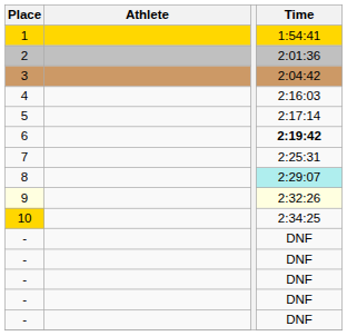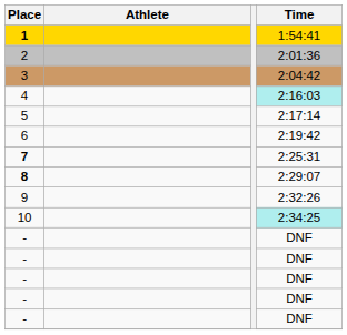 <table class="wikitable" style="text-align:center">
 <tr>
 <th>Place</th>
 <th width=250>Athlete</th>
 <th rowspan=27></th>
 <th width=100>Time</th>
 </tr>
 <tr bgcolor=gold>
-<td>1</td>
+<td><strong>1</strong></td>
 <td align=left></td>
 <td>1:54:41</td>
 </tr>
 <tr bgcolor=silver>
 <td>2</td>
 <td align=left></td>
 <td>2:01:36</td>
 </tr>
 <tr bgcolor=cc9966>
 <td>3</td>
 <td align=left></td>
 <td>2:04:42</td>
 </tr>
 <tr>
 <td>4</td>
 <td align=left></td>
-<td>2:16:03</td>
+<td style="background: paleturquoise;">2:16:03</td>
 </tr>
 <tr>
 <td>5</td>
 <td align=left></td>
 <td>2:17:14</td>
 </tr>
 <tr>
 <td>6</td>
 <td align=left></td>
-<td><strong>2:19:42</strong></td>
+<td>2:19:42</td>
 </tr>
 <tr>
-<td>7</td>
+<td><strong>7</strong></td>
 <td align=left></td>
 <td>2:25:31</td>
 </tr>
 <tr>
-<td>8</td>
+<td><strong>8</strong></td>
 <td align=left></td>
-<td style="background: paleturquoise;">2:29:07</td>
+<td>2:29:07</td>
 </tr>
 <tr>
-<td style="background: lightyellow;">9</td>
+<td>9</td>
 <td align=left></td>
-<td style="background: lightyellow;">2:32:26</td>
+<td>2:32:26</td>
 </tr>
 <tr>
-<td style="background: gold;">10</td>
+<td>10</td>
 <td align=left></td>
-<td>2:34:25</td>
+<td style="background: paleturquoise;">2:34:25</td>
 </tr>
 <tr>
 <td>-</td>
 <td align=left></td>
 <td>DNF</td>
 </tr>
 <tr>
 <td>-</td>
 <td align=left></td>
 <td>DNF</td>
 </tr>
 <tr>
 <td>-</td>
 <td align=left></td>
 <td>DNF</td>
 </tr>
 <tr>
 <td>-</td>
 <td align=left></td>
 <td>DNF</td>
 </tr>
 <tr>
 <td>-</td>
 <td align=left></td>
 <td>DNF</td>
 </tr>
 <tr>
 </tr>
 </table>
